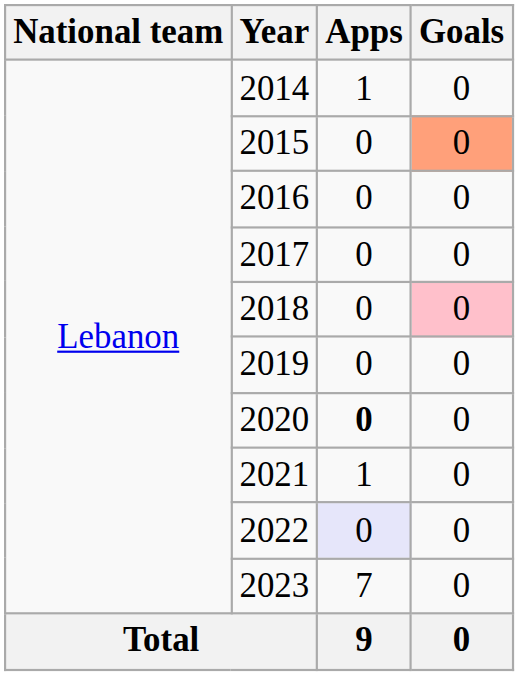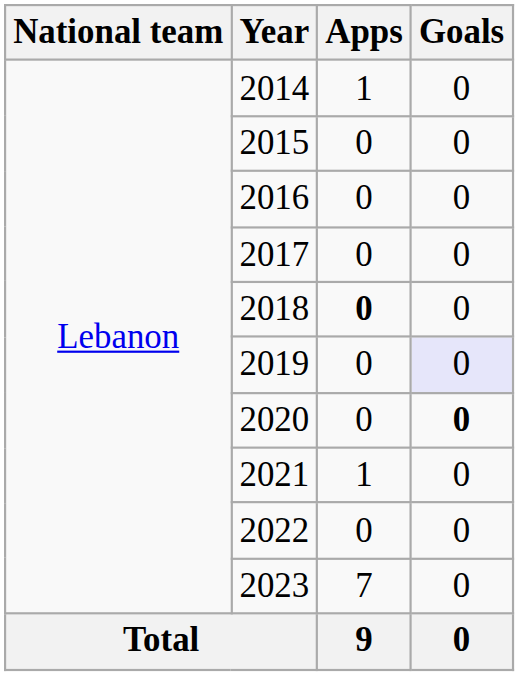 <table class="wikitable" style="text-align:center">
 <tr>
 <th>National team</th>
 <th>Year</th>
 <th>Apps</th>
 <th>Goals</th>
 </tr>
 <tr>
 <td rowspan="10"><a href='#'>Lebanon</a></td>
 <td>2014</td>
 <td>1</td>
 <td>0</td>
 </tr>
 <tr>
 <td>2015</td>
 <td>0</td>
-<td style="background: lightsalmon;">0</td>
+<td>0</td>
 </tr>
 <tr>
 <td>2016</td>
 <td>0</td>
 <td>0</td>
 </tr>
 <tr>
 <td>2017</td>
 <td>0</td>
 <td>0</td>
 </tr>
 <tr>
 <td>2018</td>
+<td><strong>0</strong></td>
 <td>0</td>
-<td style="background: pink;">0</td>
 </tr>
 <tr>
 <td>2019</td>
 <td>0</td>
-<td>0</td>
+<td style="background: lavender;">0</td>
 </tr>
 <tr>
 <td>2020</td>
+<td>0</td>
 <td><strong>0</strong></td>
-<td>0</td>
 </tr>
 <tr>
 <td>2021</td>
 <td>1</td>
 <td>0</td>
 </tr>
 <tr>
 <td>2022</td>
-<td style="background: lavender;">0</td>
+<td>0</td>
 <td>0</td>
 </tr>
 <tr>
 <td>2023</td>
 <td>7</td>
 <td>0</td>
 </tr>
 <tr>
 <th colspan="2">Total</th>
 <th>9</th>
 <th>0</th>
 </tr>
 </table>
